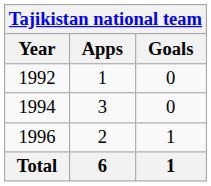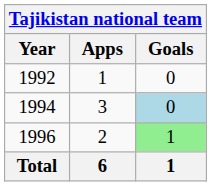 <table class="wikitable" style="text-align:center">
 <tr>
 <th colspan=3><a href='#'>Tajikistan national team</a></th>
 </tr>
 <tr>
 <th>Year</th>
 <th>Apps</th>
 <th>Goals</th>
 </tr>
 <tr>
 <td>1992</td>
 <td>1</td>
 <td>0</td>
 </tr>
 <tr>
 <td>1994</td>
 <td>3</td>
-<td>0</td>
+<td style="background: lightblue;">0</td>
 </tr>
 <tr>
 <td>1996</td>
 <td>2</td>
-<td>1</td>
+<td style="background: lightgreen;">1</td>
 </tr>
 <tr>
 <th>Total</th>
 <th>6</th>
 <th>1</th>
 </tr>
 </table>
